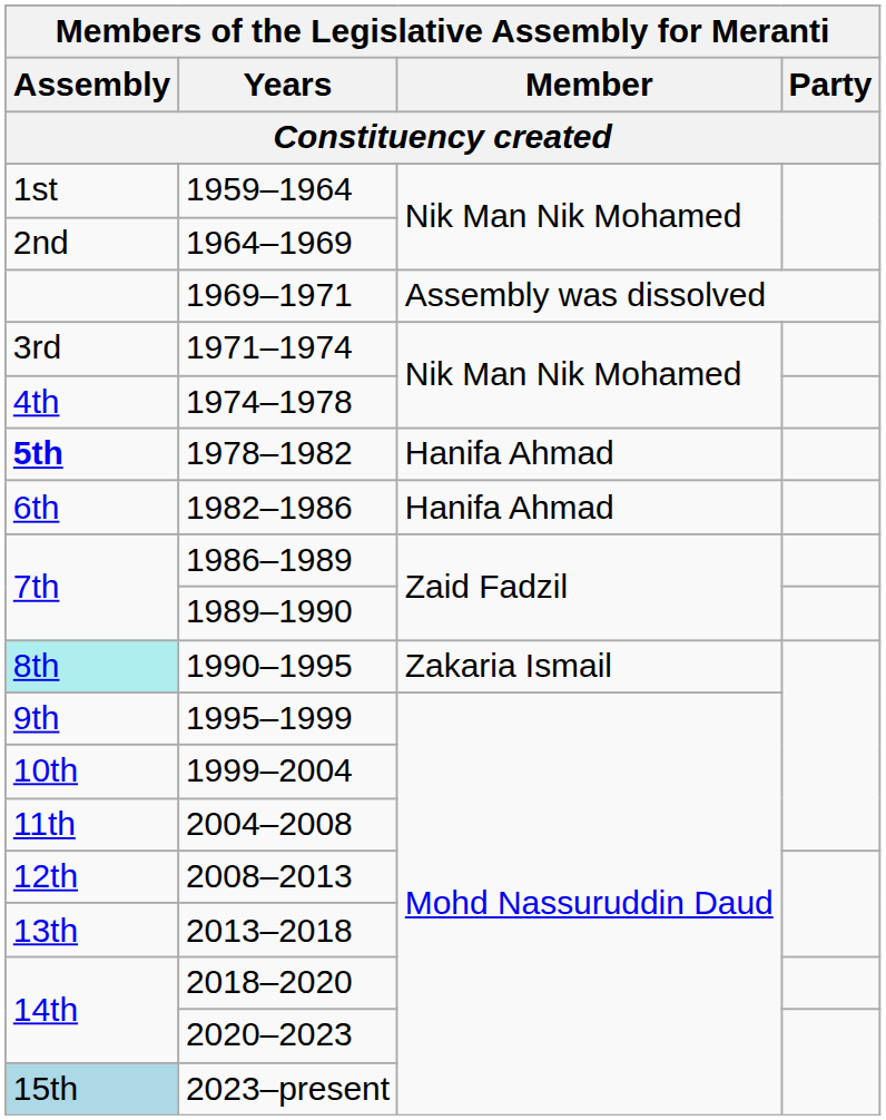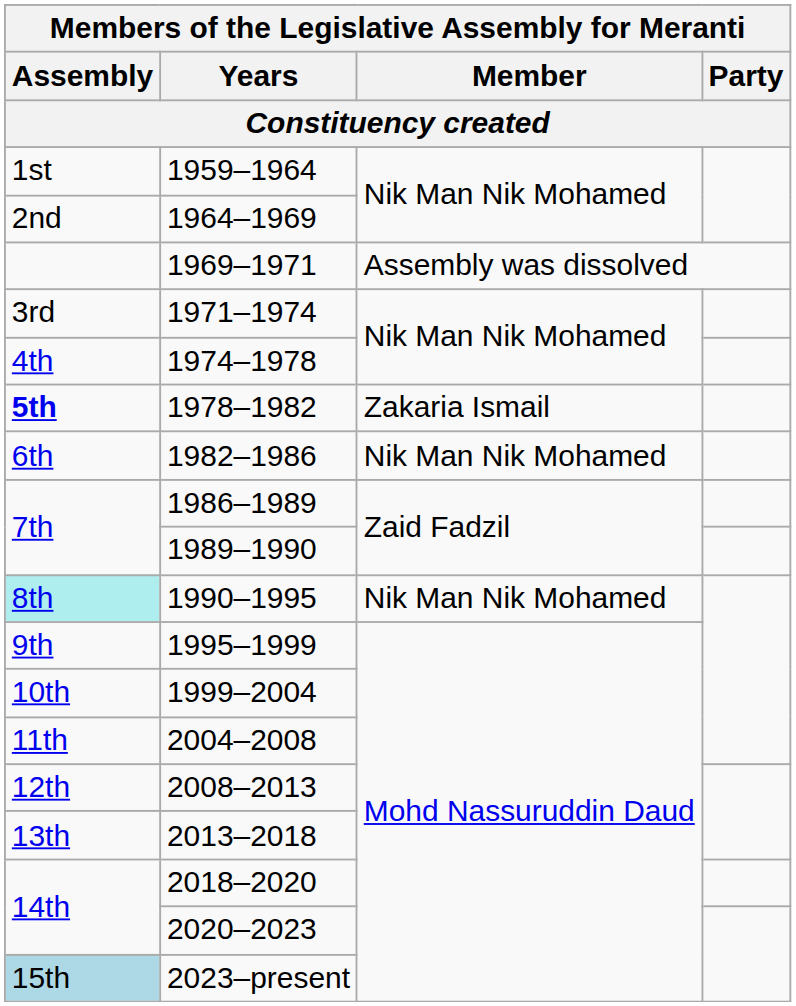 <table class="wikitable">
 <tr>
 <th colspan="4">Members of the Legislative Assembly for Meranti</th>
 </tr>
 <tr>
 <th>Assembly</th>
 <th>Years</th>
 <th>Member</th>
 <th>Party</th>
 </tr>
 <tr>
 <th colspan="4" align="center"><em>Constituency created</em></th>
 </tr>
 <tr>
 <td>1st</td>
 <td>1959–1964</td>
 <td rowspan="2">Nik Man Nik Mohamed</td>
 <td rowspan="2"></td>
 </tr>
 <tr>
 <td>2nd</td>
 <td>1964–1969</td>
 </tr>
 <tr>
 <td></td>
 <td>1969–1971</td>
 <td colspan="2">Assembly was dissolved</td>
 </tr>
 <tr>
 <td>3rd</td>
 <td>1971–1974</td>
 <td rowspan="2">Nik Man Nik Mohamed</td>
 <td></td>
 </tr>
 <tr>
 <td><a href='#'>4th</a></td>
 <td>1974–1978</td>
 <td></td>
 </tr>
 <tr>
 <td><strong><a href='#'>5th</a></strong></td>
 <td>1978–1982</td>
-<td>Hanifa Ahmad</td>
+<td>Zakaria Ismail</td>
 <td></td>
 </tr>
 <tr>
 <td><a href='#'>6th</a></td>
 <td>1982–1986</td>
-<td>Hanifa Ahmad</td>
+<td>Nik Man Nik Mohamed</td>
 <td></td>
 </tr>
 <tr>
 <td rowspan=2><a href='#'>7th</a></td>
 <td>1986–1989</td>
 <td rowspan=2>Zaid Fadzil</td>
 <td></td>
 </tr>
 <tr>
 <td>1989–1990</td>
 <td></td>
 </tr>
 <tr>
 <td style="background: paleturquoise;"><a href='#'>8th</a></td>
 <td>1990–1995</td>
-<td>Zakaria Ismail</td>
+<td>Nik Man Nik Mohamed</td>
 <td rowspan="4"></td>
 </tr>
 <tr>
 <td><a href='#'>9th</a></td>
 <td>1995–1999</td>
 <td rowspan="8"><a href='#'>Mohd Nassuruddin Daud</a></td>
 </tr>
 <tr>
 <td><a href='#'>10th</a></td>
 <td>1999–2004</td>
 </tr>
 <tr>
 <td><a href='#'>11th</a></td>
 <td>2004–2008</td>
 </tr>
 <tr>
 <td><a href='#'>12th</a></td>
 <td>2008–2013</td>
 <td rowspan="2"></td>
 </tr>
 <tr>
 <td><a href='#'>13th</a></td>
 <td>2013–2018</td>
 </tr>
 <tr>
 <td rowspan="2"><a href='#'>14th</a></td>
 <td>2018–2020</td>
 <td></td>
 </tr>
 <tr>
 <td>2020–2023</td>
 <td rowspan=2></td>
 </tr>
 <tr>
 <td style="background: lightblue;">15th</td>
 <td>2023–present</td>
 </tr>
 </table>
